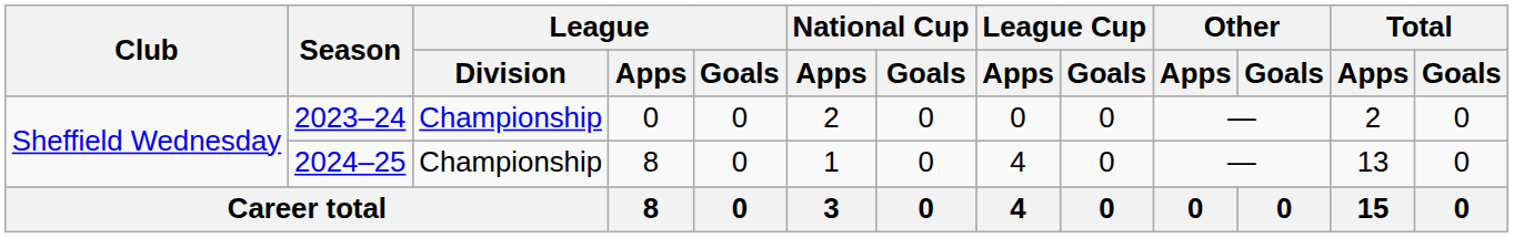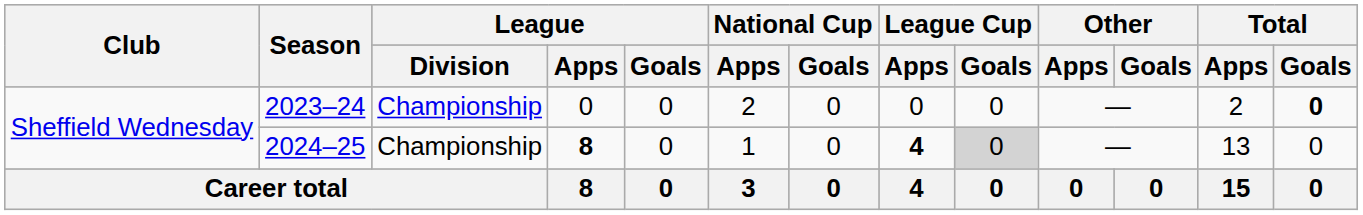 <table class=wikitable style="text-align:center">
 <tr>
 <th rowspan=2>Club</th>
 <th rowspan=2>Season</th>
 <th colspan=3>League</th>
 <th colspan=2>National Cup</th>
 <th colspan=2>League Cup</th>
 <th colspan=2>Other</th>
 <th colspan=2>Total</th>
 </tr>
 <tr>
 <th>Division</th>
 <th>Apps</th>
 <th>Goals</th>
 <th>Apps</th>
 <th>Goals</th>
 <th>Apps</th>
 <th>Goals</th>
 <th>Apps</th>
 <th>Goals</th>
 <th>Apps</th>
 <th>Goals</th>
 </tr>
 <tr>
 <td rowspan="2"><a href='#'>Sheffield Wednesday</a></td>
 <td><a href='#'>2023–24</a></td>
 <td><a href='#'>Championship</a></td>
 <td>0</td>
 <td>0</td>
 <td>2</td>
 <td>0</td>
 <td>0</td>
 <td>0</td>
 <td colspan="2">—</td>
 <td>2</td>
-<td>0</td>
+<td><strong>0</strong></td>
 </tr>
 <tr>
 <td><a href='#'>2024–25</a></td>
 <td>Championship</td>
-<td>8</td>
+<td><strong>8</strong></td>
 <td>0</td>
 <td>1</td>
 <td>0</td>
-<td>4</td>
-<td>0</td>
+<td><strong>4</strong></td>
+<td style="background: lightgrey;">0</td>
 <td colspan="2">—</td>
 <td>13</td>
 <td>0</td>
 </tr>
 <tr>
 <th colspan=3>Career total</th>
 <th>8</th>
 <th>0</th>
 <th>3</th>
 <th>0</th>
 <th>4</th>
 <th>0</th>
 <th>0</th>
 <th>0</th>
 <th>15</th>
 <th>0</th>
 </tr>
 </table>
